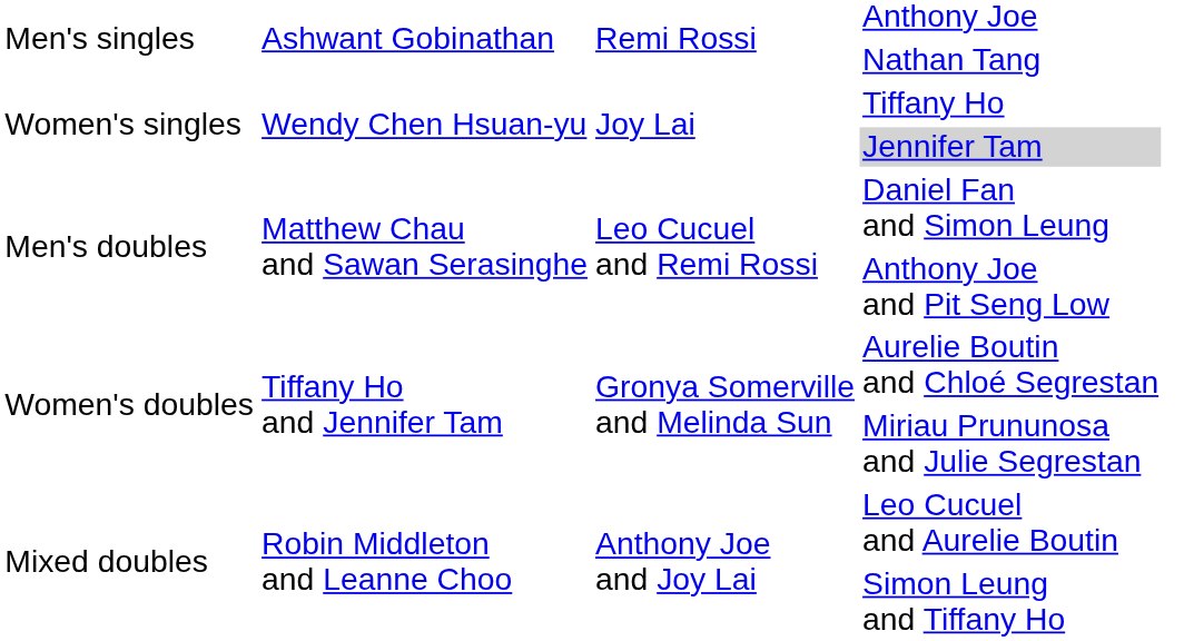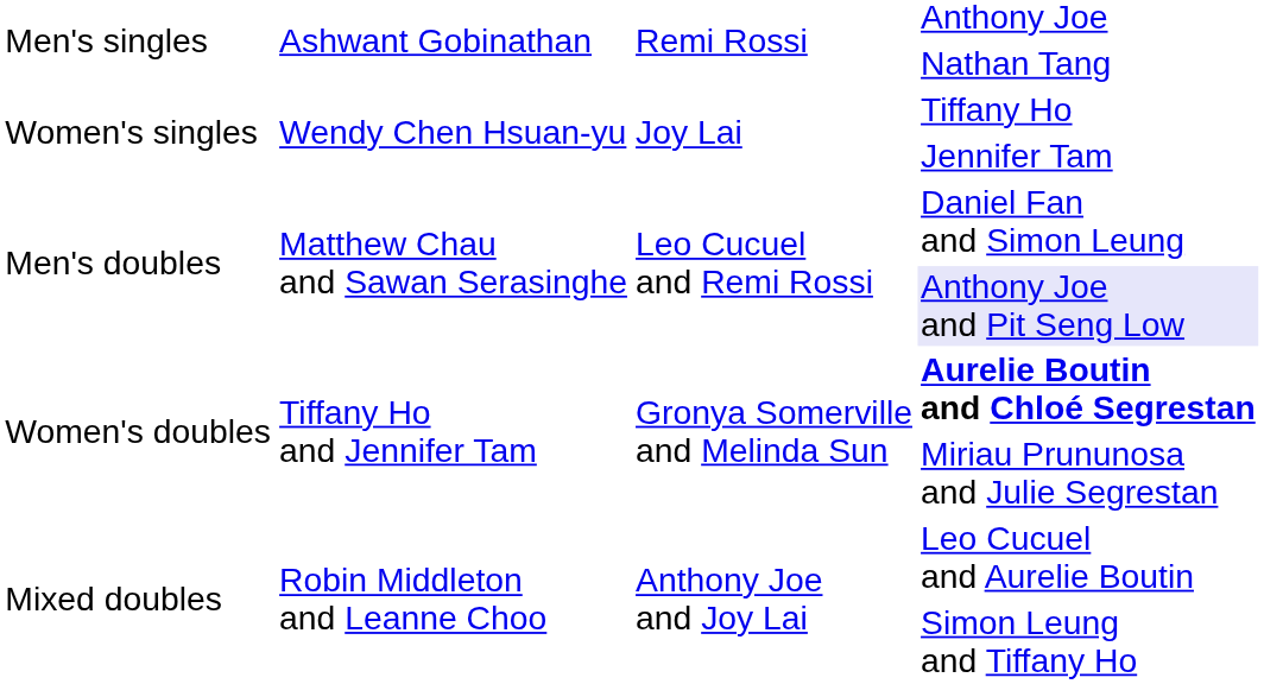 <table>
 <tr>
 <td rowspan=2>Men's singles</td>
 <td rowspan=2> <a href='#'>Ashwant Gobinathan</a></td>
 <td rowspan=2> <a href='#'>Remi Rossi</a></td>
 <td> <a href='#'>Anthony Joe</a></td>
 </tr>
 <tr>
 <td> <a href='#'>Nathan Tang</a></td>
 </tr>
 <tr>
 <td rowspan=2>Women's singles</td>
 <td rowspan=2> <a href='#'>Wendy Chen Hsuan-yu</a></td>
 <td rowspan=2> <a href='#'>Joy Lai</a></td>
 <td> <a href='#'>Tiffany Ho</a></td>
 </tr>
 <tr>
-<td style="background: lightgrey;"> <a href='#'>Jennifer Tam</a></td>
+<td> <a href='#'>Jennifer Tam</a></td>
 </tr>
 <tr>
 <td rowspan=2>Men's doubles</td>
 <td rowspan=2> <a href='#'>Matthew Chau</a><br>and <a href='#'>Sawan Serasinghe</a></td>
 <td rowspan=2> <a href='#'>Leo Cucuel</a><br>and <a href='#'>Remi Rossi</a></td>
 <td> <a href='#'>Daniel Fan</a><br>and <a href='#'>Simon Leung</a></td>
 </tr>
 <tr>
-<td> <a href='#'>Anthony Joe</a><br>and <a href='#'>Pit Seng Low</a></td>
+<td style="background: lavender;"> <a href='#'>Anthony Joe</a><br>and <a href='#'>Pit Seng Low</a></td>
 </tr>
 <tr>
 <td rowspan=2>Women's doubles</td>
 <td rowspan=2> <a href='#'>Tiffany Ho</a><br>and <a href='#'>Jennifer Tam</a></td>
 <td rowspan=2> <a href='#'>Gronya Somerville</a><br>and <a href='#'>Melinda Sun</a></td>
-<td> <a href='#'>Aurelie Boutin</a><br>and <a href='#'>Chloé Segrestan</a></td>
+<td><strong> <a href='#'>Aurelie Boutin</a><br>and <a href='#'>Chloé Segrestan</a></strong></td>
 </tr>
 <tr>
 <td> <a href='#'>Miriau Prununosa</a><br>and <a href='#'>Julie Segrestan</a></td>
 </tr>
 <tr>
 <td rowspan=2>Mixed doubles</td>
 <td rowspan=2> <a href='#'>Robin Middleton</a><br> and <a href='#'>Leanne Choo</a></td>
 <td rowspan=2> <a href='#'>Anthony Joe</a><br>and <a href='#'>Joy Lai</a></td>
 <td> <a href='#'>Leo Cucuel</a><br>and <a href='#'>Aurelie Boutin</a></td>
 </tr>
 <tr>
 <td> <a href='#'>Simon Leung</a><br>and <a href='#'>Tiffany Ho</a></td>
 </tr>
 </table>
